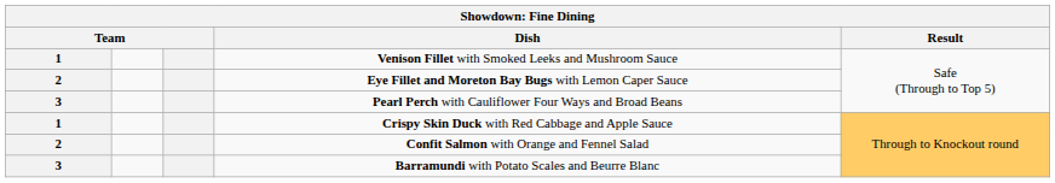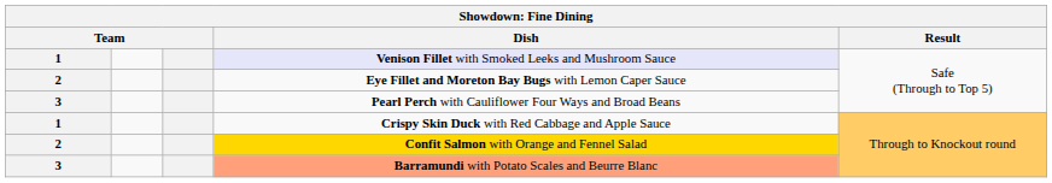 <table class="wikitable plainrowheaders" style="text-align:center; font-size:90%; width:80em;">
 <tr>
 <th colspan="5" >Showdown: Fine Dining</th>
 </tr>
 <tr>
 <th style="width:20%;" colspan="3">Team</th>
 <th style="width:60%;">Dish</th>
 <th style="width:20%;">Result</th>
 </tr>
 <tr>
 <th>1</th>
 <td></td>
 <th></th>
-<td><strong>Venison Fillet</strong> with Smoked Leeks and Mushroom Sauce</td>
+<td style="background: lavender;"><strong>Venison Fillet</strong> with Smoked Leeks and Mushroom Sauce</td>
 <td rowspan="3">Safe<br>(Through to Top 5)</td>
 </tr>
 <tr>
 <th>2</th>
 <td></td>
 <th></th>
 <td><strong>Eye Fillet and Moreton Bay Bugs</strong> with Lemon Caper Sauce</td>
 </tr>
 <tr>
 <th>3</th>
 <td></td>
 <th></th>
 <td><strong>Pearl Perch</strong> with Cauliflower Four Ways and Broad Beans</td>
 </tr>
 <tr>
 <th>1</th>
 <td></td>
 <th></th>
 <td><strong>Crispy Skin Duck</strong> with Red Cabbage and Apple Sauce</td>
 <td rowspan="3" bgcolor="FFCC66">Through to Knockout round</td>
 </tr>
 <tr>
 <th>2</th>
 <td></td>
 <th></th>
-<td><strong>Confit Salmon</strong> with Orange and Fennel Salad</td>
+<td style="background: gold;"><strong>Confit Salmon</strong> with Orange and Fennel Salad</td>
 </tr>
 <tr>
 <th>3</th>
 <td></td>
 <th></th>
-<td><strong>Barramundi</strong> with Potato Scales and Beurre Blanc</td>
+<td style="background: lightsalmon;"><strong>Barramundi</strong> with Potato Scales and Beurre Blanc</td>
 </tr>
 </table>
